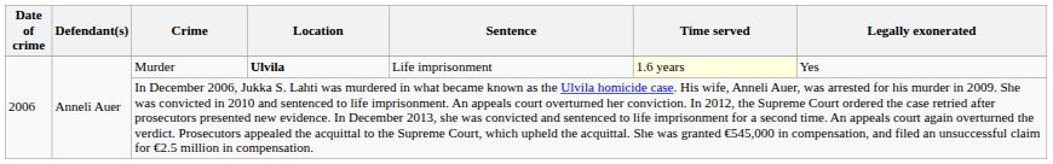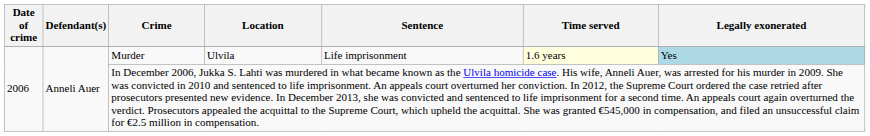 <table class="wikitable sortable">
 <tr>
 <th>Date of crime</th>
 <th>Defendant(s)</th>
 <th>Crime</th>
 <th>Location</th>
 <th>Sentence</th>
 <th>Time served</th>
 <th>Legally exonerated</th>
 </tr>
 <tr>
 </tr>
 <tr ->
 <td rowspan="2">2006</td>
 <td rowspan="2">Anneli Auer</td>
 <td>Murder</td>
-<td><strong>Ulvila</strong></td>
+<td>Ulvila</td>
 <td>Life imprisonment</td>
 <td style="background: lightyellow;">1.6 years</td>
-<td>Yes</td>
+<td style="background: lightblue;">Yes</td>
 </tr>
 <tr>
 <td colspan=5>In December 2006, Jukka S. Lahti was murdered in what became known as the <a href='#'>Ulvila homicide case</a>. His wife, Anneli Auer, was arrested for his murder in 2009. She was convicted in 2010 and sentenced to life imprisonment. An appeals court overturned her conviction. In 2012, the Supreme Court ordered the case retried after prosecutors presented new evidence. In December 2013, she was convicted and sentenced to life imprisonment for a second time. An appeals court again overturned the verdict. Prosecutors appealed the acquittal to the Supreme Court, which upheld the acquittal. She was granted €545,000 in compensation, and filed an unsuccessful claim for €2.5 million in compensation.</td>
 </tr>
 </table>
